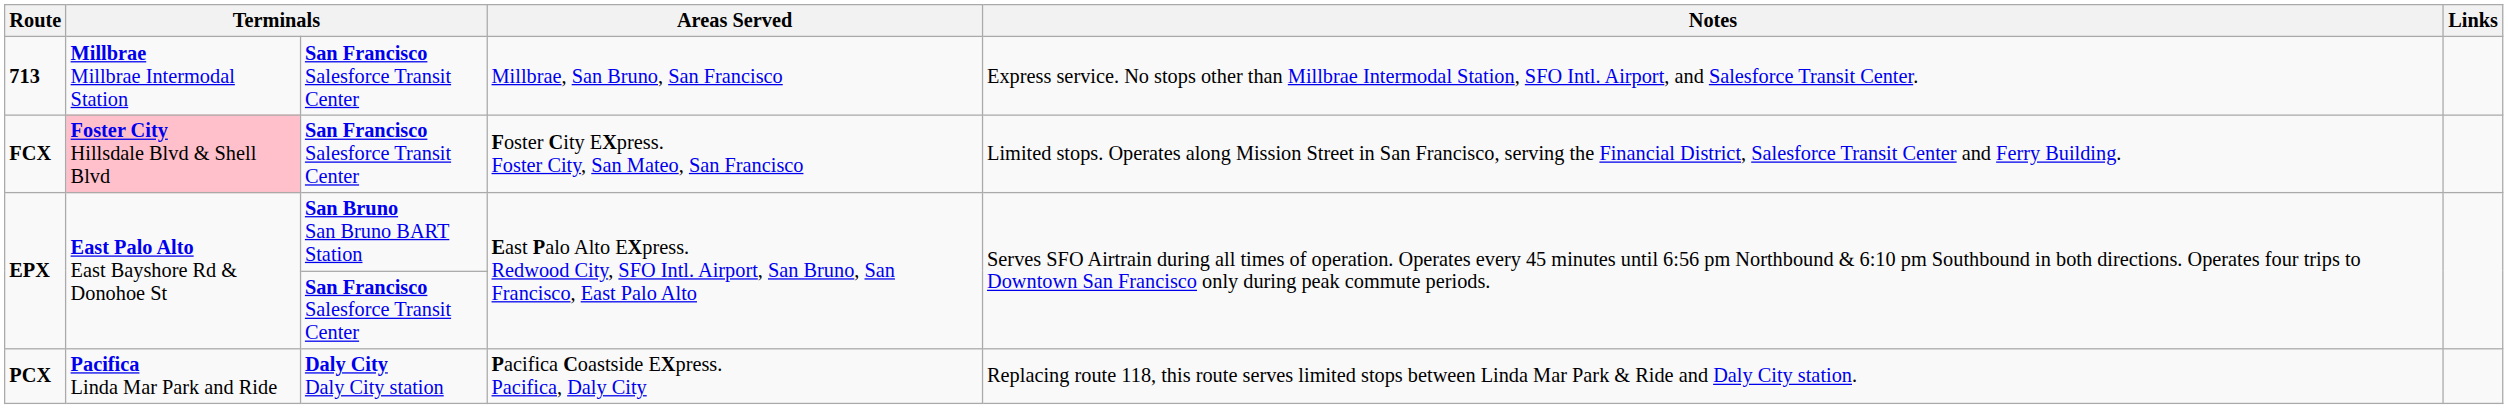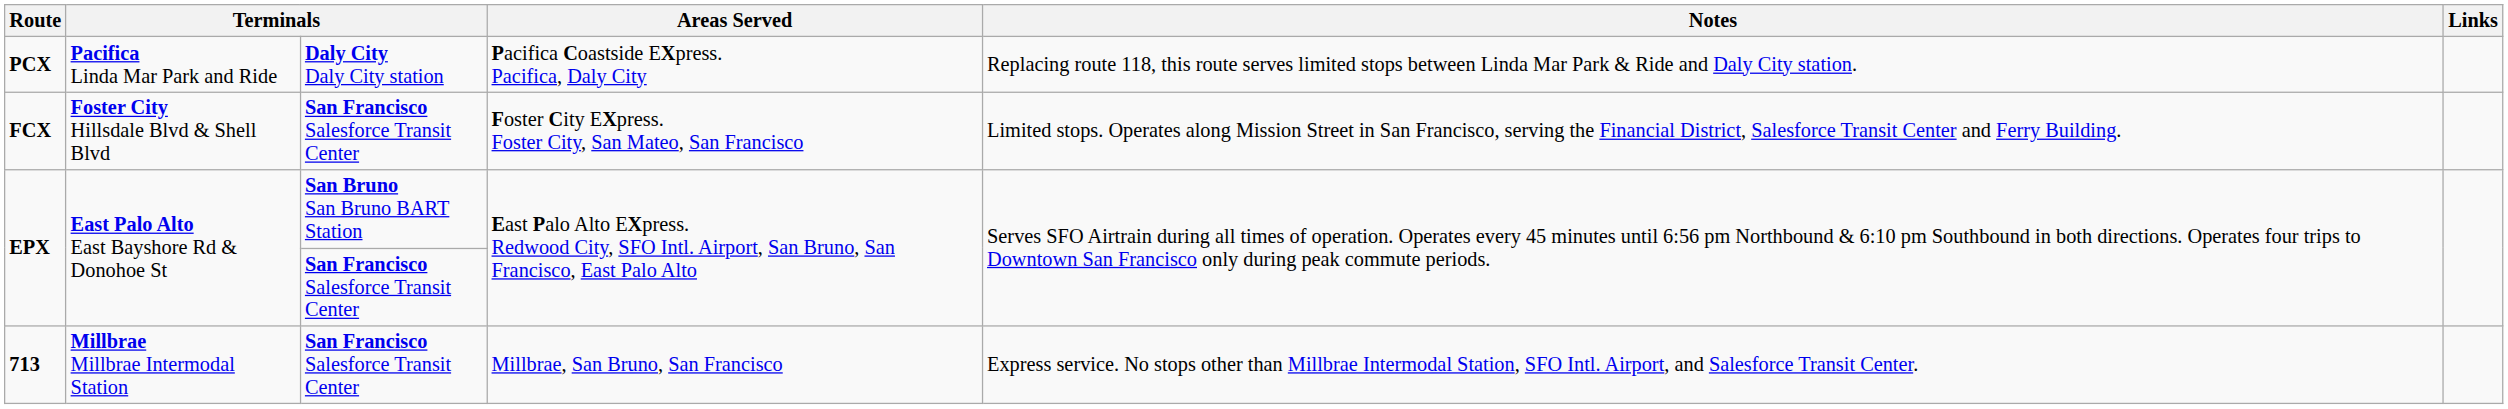 <table class="wikitable" font-style="text-size: 90%;">
 <tr>
 <th>Route</th>
 <th colspan="2">Terminals</th>
 <th>Areas Served</th>
 <th>Notes</th>
 <th>Links</th>
 </tr>
 <tr>
-<td><span><strong>713</strong></span></td>
-<td><strong><a href='#'>Millbrae</a></strong><br><a href='#'>Millbrae Intermodal Station</a></td>
-<td><strong><a href='#'>San Francisco</a></strong><br><a href='#'>Salesforce Transit Center</a></td>
-<td><a href='#'>Millbrae</a>, <a href='#'>San Bruno</a>, <a href='#'>San Francisco</a></td>
-<td>Express service. No stops other than <a href='#'>Millbrae Intermodal Station</a>, <a href='#'>SFO Intl. Airport</a>, and <a href='#'>Salesforce Transit Center</a>.</td>
+<td><span><strong>PCX</strong></span></td>
+<td><strong><a href='#'>Pacifica</a></strong><br>Linda Mar Park and Ride</td>
+<td><strong><a href='#'>Daly City</a></strong><br><a href='#'>Daly City station</a></td>
+<td><strong>P</strong>acifica <strong>C</strong>oastside E<strong>X</strong>press.<br><a href='#'>Pacifica</a>, <a href='#'>Daly City</a></td>
+<td>Replacing route 118, this route serves limited stops between Linda Mar Park & Ride and <a href='#'>Daly City station</a>.</td>
 <td></td>
 </tr>
 <tr>
 <td><span><strong>FCX</strong></span></td>
-<td style="background: pink;"><strong><a href='#'>Foster City</a></strong><br>Hillsdale Blvd & Shell Blvd</td>
+<td><strong><a href='#'>Foster City</a></strong><br>Hillsdale Blvd & Shell Blvd</td>
 <td><strong><a href='#'>San Francisco</a></strong><br><a href='#'>Salesforce Transit Center</a></td>
 <td><strong>F</strong>oster <strong>C</strong>ity E<strong>X</strong>press.<br><a href='#'>Foster City</a>, <a href='#'>San Mateo</a>, <a href='#'>San Francisco</a></td>
 <td>Limited stops. Operates along Mission Street in San Francisco, serving the <a href='#'>Financial District</a>, <a href='#'>Salesforce Transit Center</a> and <a href='#'>Ferry Building</a>.</td>
 <td></td>
 </tr>
 <tr>
 <td rowspan="2"><span><strong>EPX</strong></span></td>
 <td rowspan="2"><strong><a href='#'>East Palo Alto</a></strong><br>East Bayshore Rd & Donohoe St</td>
 <td><strong><a href='#'>San Bruno</a></strong><br><a href='#'>San Bruno BART Station</a></td>
 <td rowspan="2"><strong>E</strong>ast <strong>P</strong>alo Alto E<strong>X</strong>press.<br><a href='#'>Redwood City</a>, <a href='#'>SFO Intl. Airport</a>, <a href='#'>San Bruno</a>, <a href='#'>San Francisco</a>, <a href='#'>East Palo Alto</a></td>
 <td rowspan="2">Serves SFO Airtrain during all times of operation. Operates every 45 minutes until 6:56 pm Northbound & 6:10 pm Southbound   in both directions. Operates four trips to <a href='#'>Downtown San Francisco</a> only during peak commute periods.</td>
 <td rowspan="2"></td>
 </tr>
 <tr>
 <td><strong><a href='#'>San Francisco</a></strong><br><a href='#'>Salesforce Transit Center</a></td>
 </tr>
 <tr>
-<td><span><strong>PCX</strong></span></td>
-<td><strong><a href='#'>Pacifica</a></strong><br>Linda Mar Park and Ride</td>
-<td><strong><a href='#'>Daly City</a></strong><br><a href='#'>Daly City station</a></td>
-<td><strong>P</strong>acifica <strong>C</strong>oastside E<strong>X</strong>press.<br><a href='#'>Pacifica</a>, <a href='#'>Daly City</a></td>
-<td>Replacing route 118, this route serves limited stops between Linda Mar Park & Ride and <a href='#'>Daly City station</a>.</td>
+<td><span><strong>713</strong></span></td>
+<td><strong><a href='#'>Millbrae</a></strong><br><a href='#'>Millbrae Intermodal Station</a></td>
+<td><strong><a href='#'>San Francisco</a></strong><br><a href='#'>Salesforce Transit Center</a></td>
+<td><a href='#'>Millbrae</a>, <a href='#'>San Bruno</a>, <a href='#'>San Francisco</a></td>
+<td>Express service. No stops other than <a href='#'>Millbrae Intermodal Station</a>, <a href='#'>SFO Intl. Airport</a>, and <a href='#'>Salesforce Transit Center</a>.</td>
 <td></td>
 </tr>
 </table>
